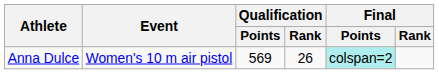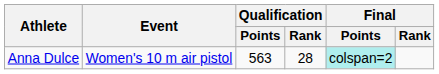 <table class="wikitable" style="font-size:90%">
 <tr>
 <th rowspan="2">Athlete</th>
 <th rowspan="2">Event</th>
 <th colspan=2>Qualification</th>
 <th colspan=2>Final</th>
 </tr>
 <tr style="font-size:95%">
 <th>Points</th>
 <th>Rank</th>
 <th>Points</th>
 <th>Rank</th>
 </tr>
 <tr align=center>
 <td align=left><a href='#'>Anna Dulce</a></td>
 <td align=left><a href='#'>Women's 10 m air pistol</a></td>
-<td>569</td>
-<td>26</td>
+<td>563</td>
+<td>28</td>
 <td style="background: paleturquoise;">colspan=2 </td>
 </tr>
 </table>
